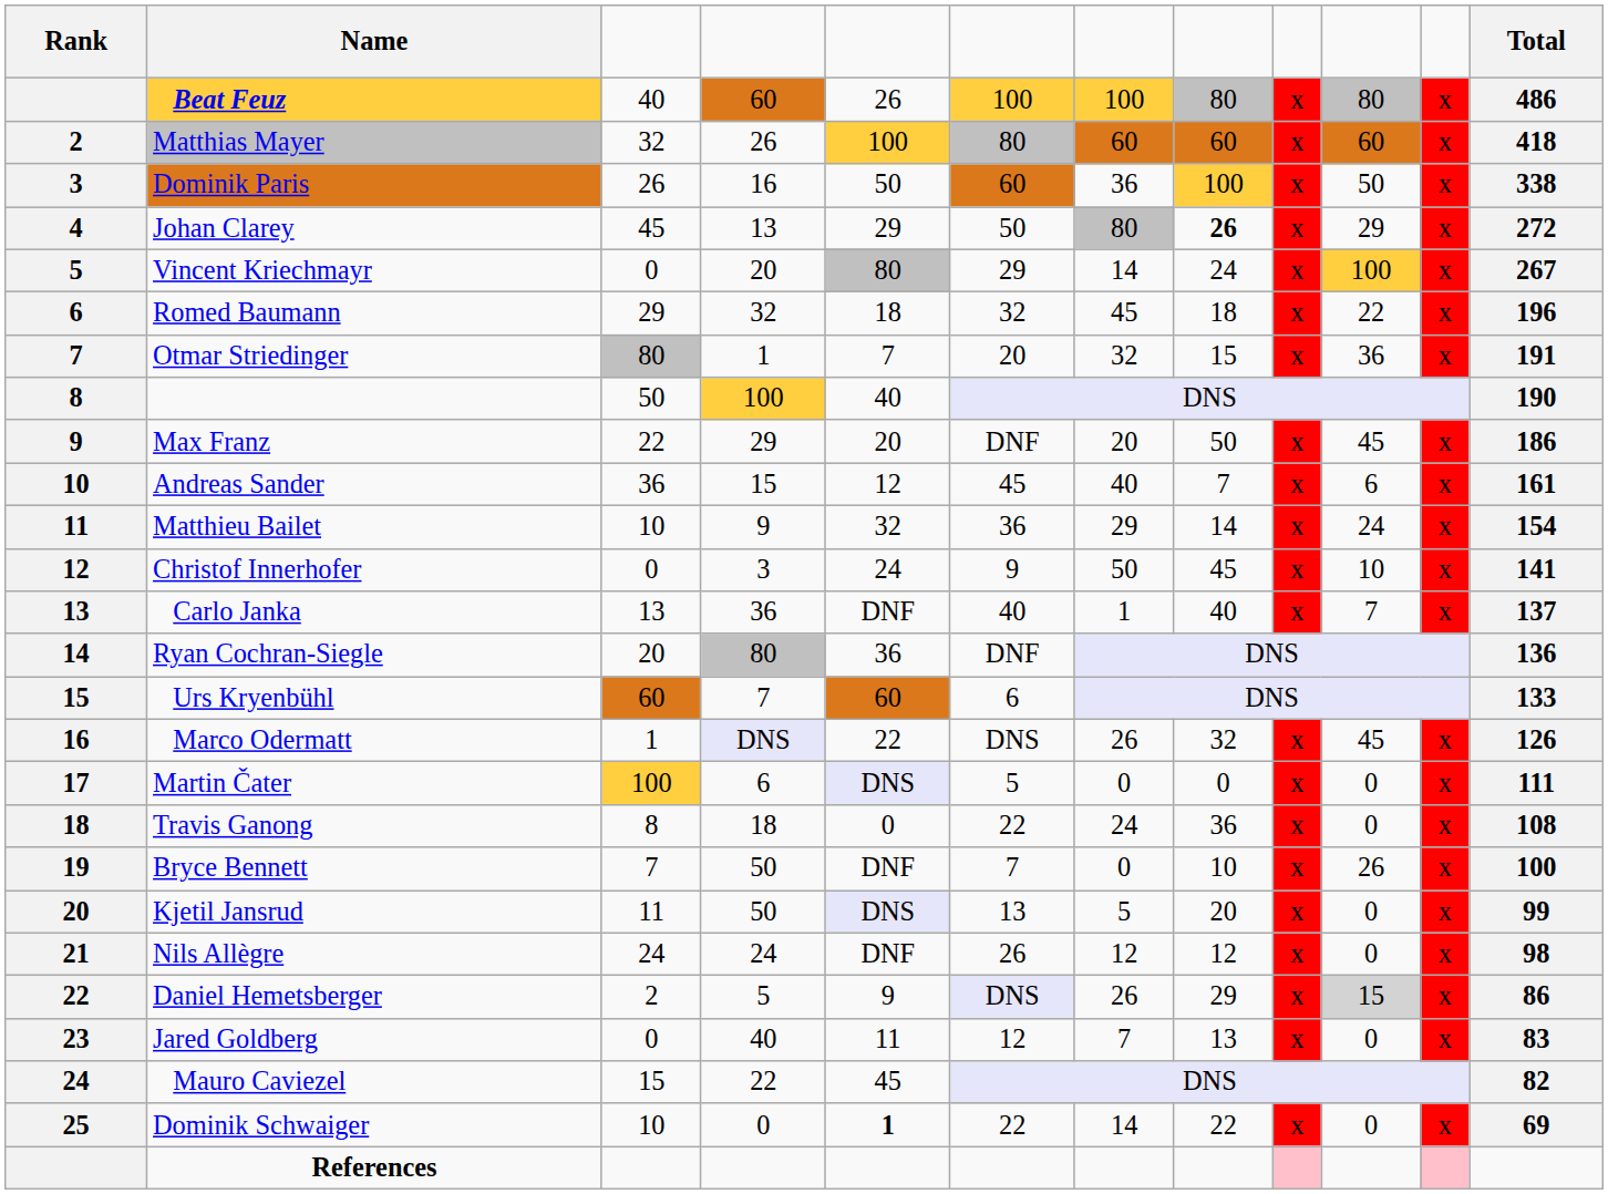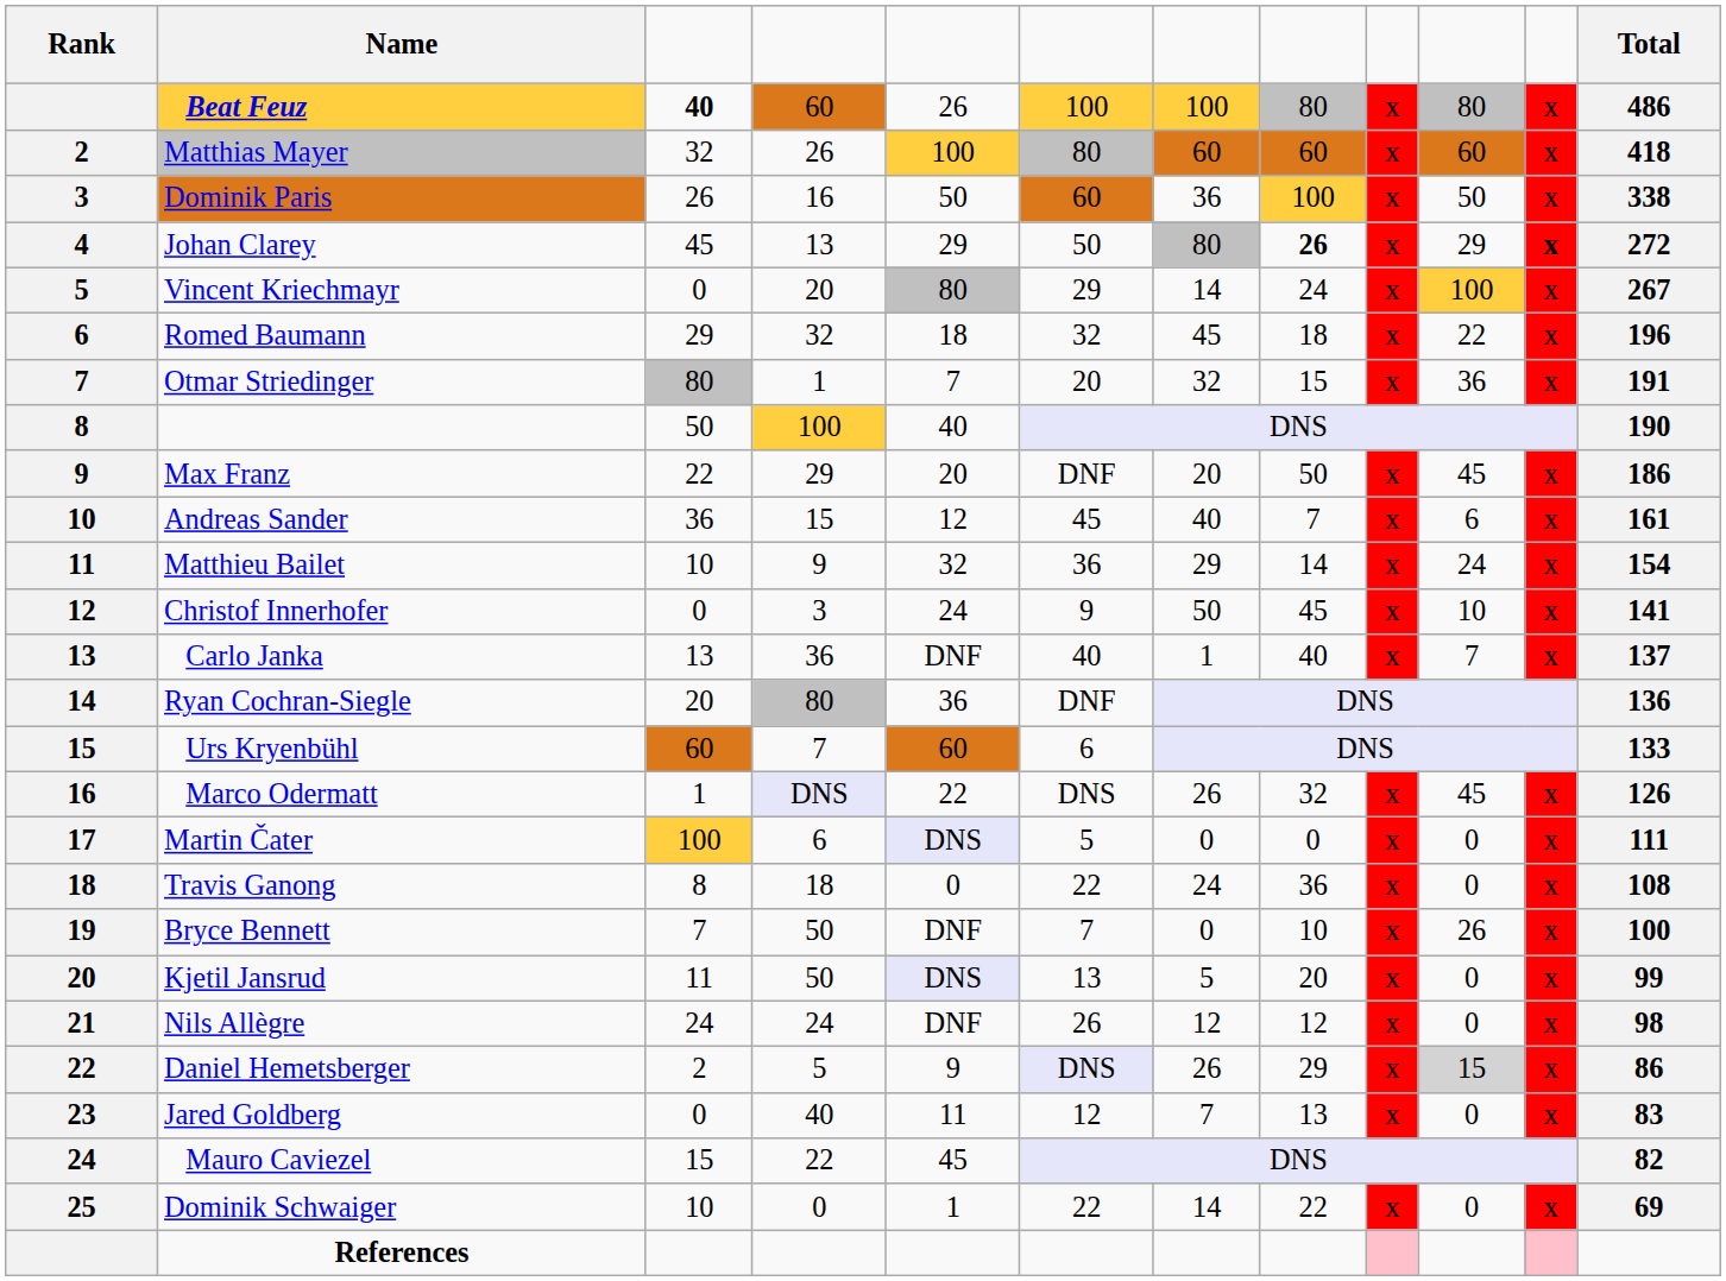 <table class="wikitable" width=60% style="font-size:100%; text-align:center;">
 <tr>
 <th>Rank</th>
 <th>Name</th>
 <td><br> </td>
 <td><br> </td>
 <td><br> </td>
 <td><br> </td>
 <td><br> </td>
 <td><br> </td>
 <td><br> </td>
 <td><br> </td>
 <td><br>   </td>
 <th>Total</th>
 </tr>
 <tr>
 <th></th>
 <td align=left bgcolor=ffcf40>   <strong><em><a href='#'>Beat Feuz</a></em></strong></td>
-<td>40</td>
+<td><strong>40</strong></td>
 <td bgcolor=db781b>60</td>
 <td>26</td>
 <td bgcolor=ffcf40>100</td>
 <td bgcolor=ffcf40>100</td>
 <td bgcolor=c0c0c0>80</td>
 <td bgcolor=red>x</td>
 <td bgcolor=c0c0c0>80</td>
 <td bgcolor=red>x</td>
 <th>486</th>
 </tr>
 <tr>
 <th>2</th>
 <td align=left bgcolor=c0c0c0> <a href='#'>Matthias Mayer</a></td>
 <td>32</td>
 <td>26</td>
 <td bgcolor=ffcf40>100</td>
 <td bgcolor=c0c0c0>80</td>
 <td bgcolor=db781b>60</td>
 <td bgcolor=db781b>60</td>
 <td bgcolor=red>x</td>
 <td bgcolor=db781b>60</td>
 <td bgcolor=red>x</td>
 <th>418</th>
 </tr>
 <tr>
 <th>3</th>
 <td align=left bgcolor=db781b> <a href='#'>Dominik Paris</a></td>
 <td>26</td>
 <td>16</td>
 <td>50</td>
 <td bgcolor=db781b>60</td>
 <td>36</td>
 <td bgcolor=ffcf40>100</td>
 <td bgcolor=red>x</td>
 <td>50</td>
 <td bgcolor=red>x</td>
 <th>338</th>
 </tr>
 <tr>
 <th>4</th>
 <td align=left> <a href='#'>Johan Clarey</a></td>
 <td>45</td>
 <td>13</td>
 <td>29</td>
 <td>50</td>
 <td bgcolor=c0c0c0>80</td>
 <td><strong>26</strong></td>
 <td bgcolor=red>x</td>
 <td>29</td>
-<td bgcolor=red>x</td>
+<td bgcolor=red><strong>x</strong></td>
 <th>272</th>
 </tr>
 <tr>
 <th>5</th>
 <td align=left> <a href='#'>Vincent Kriechmayr</a></td>
 <td>0</td>
 <td>20</td>
 <td bgcolor=c0c0c0>80</td>
 <td>29</td>
 <td>14</td>
 <td>24</td>
 <td bgcolor=red>x</td>
 <td bgcolor=ffcf40>100</td>
 <td bgcolor=red>x</td>
 <th>267</th>
 </tr>
 <tr>
 <th>6</th>
 <td align=left> <a href='#'>Romed Baumann</a></td>
 <td>29</td>
 <td>32</td>
 <td>18</td>
 <td>32</td>
 <td>45</td>
 <td>18</td>
 <td bgcolor=red>x</td>
 <td>22</td>
 <td bgcolor=red>x</td>
 <th>196</th>
 </tr>
 <tr>
 <th>7</th>
 <td align=left> <a href='#'>Otmar Striedinger</a></td>
 <td bgcolor=c0c0c0>80</td>
 <td>1</td>
 <td>7</td>
 <td>20</td>
 <td>32</td>
 <td>15</td>
 <td bgcolor=red>x</td>
 <td>36</td>
 <td bgcolor=red>x</td>
 <th>191</th>
 </tr>
 <tr>
 <th>8</th>
 <td align=left></td>
 <td>50</td>
 <td bgcolor=ffcf40>100</td>
 <td>40</td>
 <td bgcolor=lavender colspan=6>DNS</td>
 <th>190</th>
 </tr>
 <tr>
 <th>9</th>
 <td align=left> <a href='#'>Max Franz</a></td>
 <td>22</td>
 <td>29</td>
 <td>20</td>
 <td>DNF</td>
 <td>20</td>
 <td>50</td>
 <td bgcolor=red>x</td>
 <td>45</td>
 <td bgcolor=red>x</td>
 <th>186</th>
 </tr>
 <tr>
 <th>10</th>
 <td align=left> <a href='#'>Andreas Sander</a></td>
 <td>36</td>
 <td>15</td>
 <td>12</td>
 <td>45</td>
 <td>40</td>
 <td>7</td>
 <td bgcolor=red>x</td>
 <td>6</td>
 <td bgcolor=red>x</td>
 <th>161</th>
 </tr>
 <tr>
 <th>11</th>
 <td align=left> <a href='#'>Matthieu Bailet</a></td>
 <td>10</td>
 <td>9</td>
 <td>32</td>
 <td>36</td>
 <td>29</td>
 <td>14</td>
 <td bgcolor=red>x</td>
 <td>24</td>
 <td bgcolor=red>x</td>
 <th>154</th>
 </tr>
 <tr>
 <th>12</th>
 <td align=left> <a href='#'>Christof Innerhofer</a></td>
 <td>0</td>
 <td>3</td>
 <td>24</td>
 <td>9</td>
 <td>50</td>
 <td>45</td>
 <td bgcolor=red>x</td>
 <td>10</td>
 <td bgcolor=red>x</td>
 <th>141</th>
 </tr>
 <tr>
 <th>13</th>
 <td align=left>   <a href='#'>Carlo Janka</a></td>
 <td>13</td>
 <td>36</td>
 <td>DNF</td>
 <td>40</td>
 <td>1</td>
 <td>40</td>
 <td bgcolor=red>x</td>
 <td>7</td>
 <td bgcolor=red>x</td>
 <th>137</th>
 </tr>
 <tr>
 <th>14</th>
 <td align=left> <a href='#'>Ryan Cochran-Siegle</a></td>
 <td>20</td>
 <td bgcolor=c0c0c0>80</td>
 <td>36</td>
 <td>DNF</td>
 <td bgcolor=lavender colspan=5>DNS</td>
 <th>136</th>
 </tr>
 <tr>
 <th>15</th>
 <td align=left>   <a href='#'>Urs Kryenbühl</a></td>
 <td bgcolor=db781b>60</td>
 <td>7</td>
 <td bgcolor=db781b>60</td>
 <td>6</td>
 <td bgcolor=lavender colspan=5>DNS</td>
 <th>133</th>
 </tr>
 <tr>
 <th>16</th>
 <td align=left>   <a href='#'>Marco Odermatt</a></td>
 <td>1</td>
 <td bgcolor=lavender>DNS</td>
 <td>22</td>
 <td>DNS</td>
 <td>26</td>
 <td>32</td>
 <td bgcolor=red>x</td>
 <td>45</td>
 <td bgcolor=red>x</td>
 <th>126</th>
 </tr>
 <tr>
 <th>17</th>
 <td align=left> <a href='#'>Martin Čater</a></td>
 <td bgcolor=ffcf40>100</td>
 <td>6</td>
 <td bgcolor=lavender>DNS</td>
 <td>5</td>
 <td>0</td>
 <td>0</td>
 <td bgcolor=red>x</td>
 <td>0</td>
 <td bgcolor=red>x</td>
 <th>111</th>
 </tr>
 <tr>
 <th>18</th>
 <td align=left> <a href='#'>Travis Ganong</a></td>
 <td>8</td>
 <td>18</td>
 <td>0</td>
 <td>22</td>
 <td>24</td>
 <td>36</td>
 <td bgcolor=red>x</td>
 <td>0</td>
 <td bgcolor=red>x</td>
 <th>108</th>
 </tr>
 <tr>
 <th>19</th>
 <td align=left> <a href='#'>Bryce Bennett</a></td>
 <td>7</td>
 <td>50</td>
 <td>DNF</td>
 <td>7</td>
 <td>0</td>
 <td>10</td>
 <td bgcolor=red>x</td>
 <td>26</td>
 <td bgcolor=red>x</td>
 <th>100</th>
 </tr>
 <tr>
 <th>20</th>
 <td align=left> <a href='#'>Kjetil Jansrud</a></td>
 <td>11</td>
 <td>50</td>
 <td bgcolor=lavender>DNS</td>
 <td>13</td>
 <td>5</td>
 <td>20</td>
 <td bgcolor=red>x</td>
 <td>0</td>
 <td bgcolor=red>x</td>
 <th>99</th>
 </tr>
 <tr>
 <th>21</th>
 <td align=left> <a href='#'>Nils Allègre</a></td>
 <td>24</td>
 <td>24</td>
 <td>DNF</td>
 <td>26</td>
 <td>12</td>
 <td>12</td>
 <td bgcolor=red>x</td>
 <td>0</td>
 <td bgcolor=red>x</td>
 <th>98</th>
 </tr>
 <tr>
 <th>22</th>
 <td align=left> <a href='#'>Daniel Hemetsberger</a></td>
 <td>2</td>
 <td>5</td>
 <td>9</td>
 <td bgcolor=lavender>DNS</td>
 <td>26</td>
 <td>29</td>
 <td bgcolor=red>x</td>
 <td style="background: lightgrey;">15</td>
 <td bgcolor=red>x</td>
 <th>86</th>
 </tr>
 <tr>
 <th>23</th>
 <td align=left> <a href='#'>Jared Goldberg</a></td>
 <td>0</td>
 <td>40</td>
 <td>11</td>
 <td>12</td>
 <td>7</td>
 <td>13</td>
 <td bgcolor=red>x</td>
 <td>0</td>
 <td bgcolor=red>x</td>
 <th>83</th>
 </tr>
 <tr>
 <th>24</th>
 <td align=left>   <a href='#'>Mauro Caviezel</a></td>
 <td>15</td>
 <td>22</td>
 <td>45</td>
 <td colspan=6 bgcolor=lavender>DNS</td>
 <th>82</th>
 </tr>
 <tr>
 <th>25</th>
 <td align=left> <a href='#'>Dominik Schwaiger</a></td>
 <td>10</td>
 <td>0</td>
-<td><strong>1</strong></td>
+<td>1</td>
 <td>22</td>
 <td>14</td>
 <td>22</td>
 <td bgcolor=red>x</td>
 <td>0</td>
 <td bgcolor=red>x</td>
 <th>69</th>
 </tr>
 <tr>
 <th></th>
 <td align=center><strong>References</strong></td>
 <td></td>
 <td></td>
 <td></td>
 <td></td>
 <td></td>
 <td></td>
 <td bgcolor=pink></td>
 <td></td>
 <td bgcolor=pink></td>
 </tr>
 </table>
